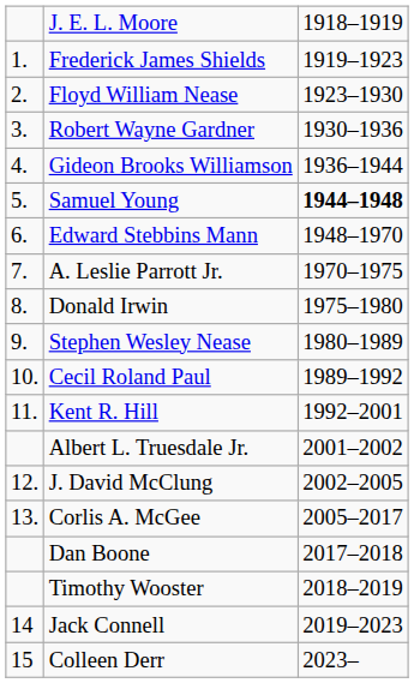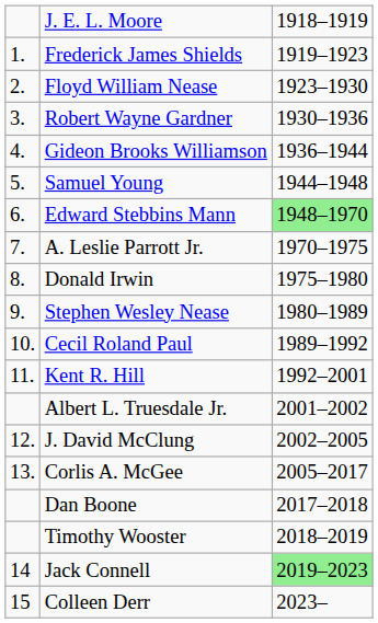 <table class=wikitable align="right">
 <tr>
 <td></td>
 <td><a href='#'>J. E. L. Moore</a></td>
 <td>1918–1919</td>
 </tr>
 <tr>
 <td>1.</td>
 <td><a href='#'>Frederick James Shields</a></td>
 <td>1919–1923</td>
 </tr>
 <tr>
 <td>2.</td>
 <td><a href='#'>Floyd William Nease</a></td>
 <td>1923–1930</td>
 </tr>
 <tr>
 <td>3.</td>
 <td><a href='#'>Robert Wayne Gardner</a></td>
 <td>1930–1936</td>
 </tr>
 <tr>
 <td>4.</td>
 <td><a href='#'>Gideon Brooks Williamson</a></td>
 <td>1936–1944</td>
 </tr>
 <tr>
 <td>5.</td>
 <td><a href='#'>Samuel Young</a></td>
-<td><strong>1944–1948</strong></td>
+<td>1944–1948</td>
 </tr>
 <tr>
 <td>6.</td>
 <td><a href='#'>Edward Stebbins Mann</a></td>
-<td>1948–1970</td>
+<td style="background: lightgreen;">1948–1970</td>
 </tr>
 <tr>
 <td>7.</td>
 <td>A. Leslie Parrott Jr.</td>
 <td>1970–1975</td>
 </tr>
 <tr>
 <td>8.</td>
 <td>Donald Irwin</td>
 <td>1975–1980</td>
 </tr>
 <tr>
 <td>9.</td>
 <td><a href='#'>Stephen Wesley Nease</a></td>
 <td>1980–1989</td>
 </tr>
 <tr>
 <td>10.</td>
 <td><a href='#'>Cecil Roland Paul</a></td>
 <td>1989–1992</td>
 </tr>
 <tr>
 <td>11.</td>
 <td><a href='#'>Kent R. Hill</a></td>
 <td>1992–2001</td>
 </tr>
 <tr>
 <td></td>
 <td>Albert L. Truesdale Jr.</td>
 <td>2001–2002</td>
 </tr>
 <tr>
 <td>12.</td>
 <td>J. David McClung</td>
 <td>2002–2005</td>
 </tr>
 <tr>
 <td>13.</td>
 <td>Corlis A. McGee</td>
 <td>2005–2017</td>
 </tr>
 <tr>
 <td></td>
 <td>Dan Boone</td>
 <td>2017–2018</td>
 </tr>
 <tr>
 <td></td>
 <td>Timothy Wooster</td>
 <td>2018–2019</td>
 </tr>
 <tr>
 <td>14</td>
 <td>Jack Connell</td>
-<td>2019–2023</td>
+<td style="background: lightgreen;">2019–2023</td>
 </tr>
 <tr>
 <td>15</td>
 <td>Colleen Derr</td>
 <td>2023–</td>
 </tr>
 </table>
